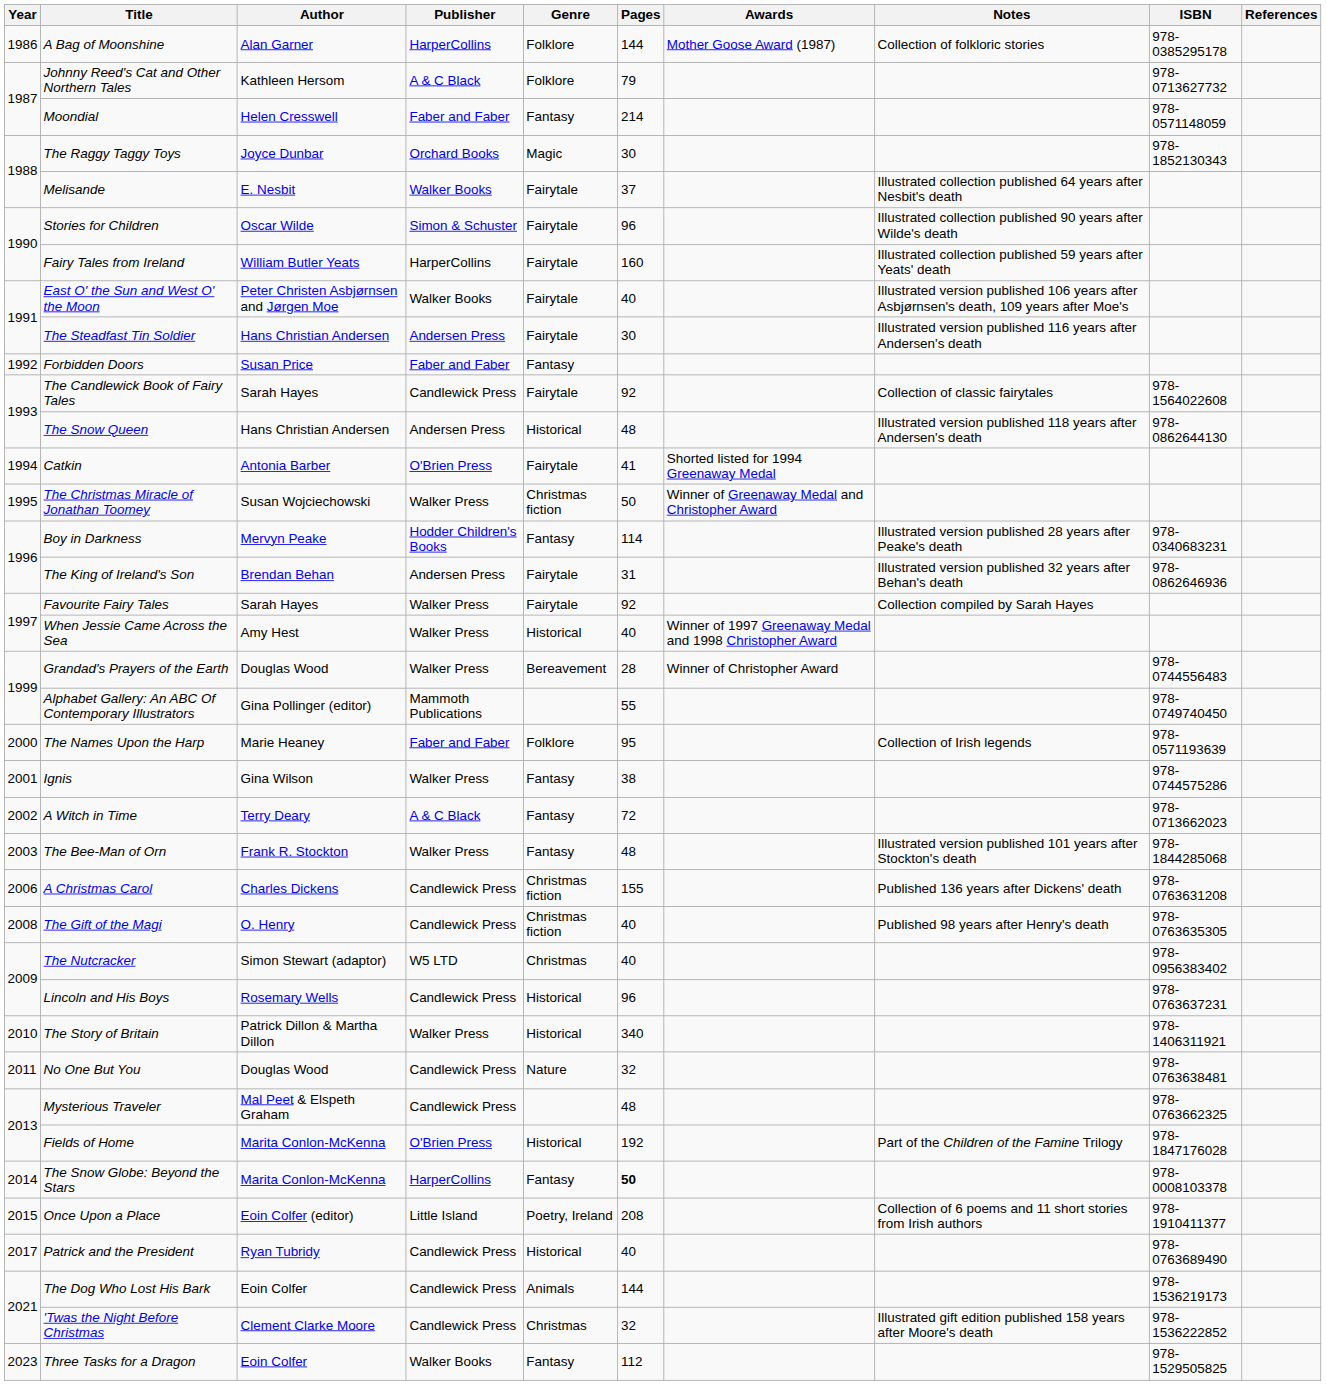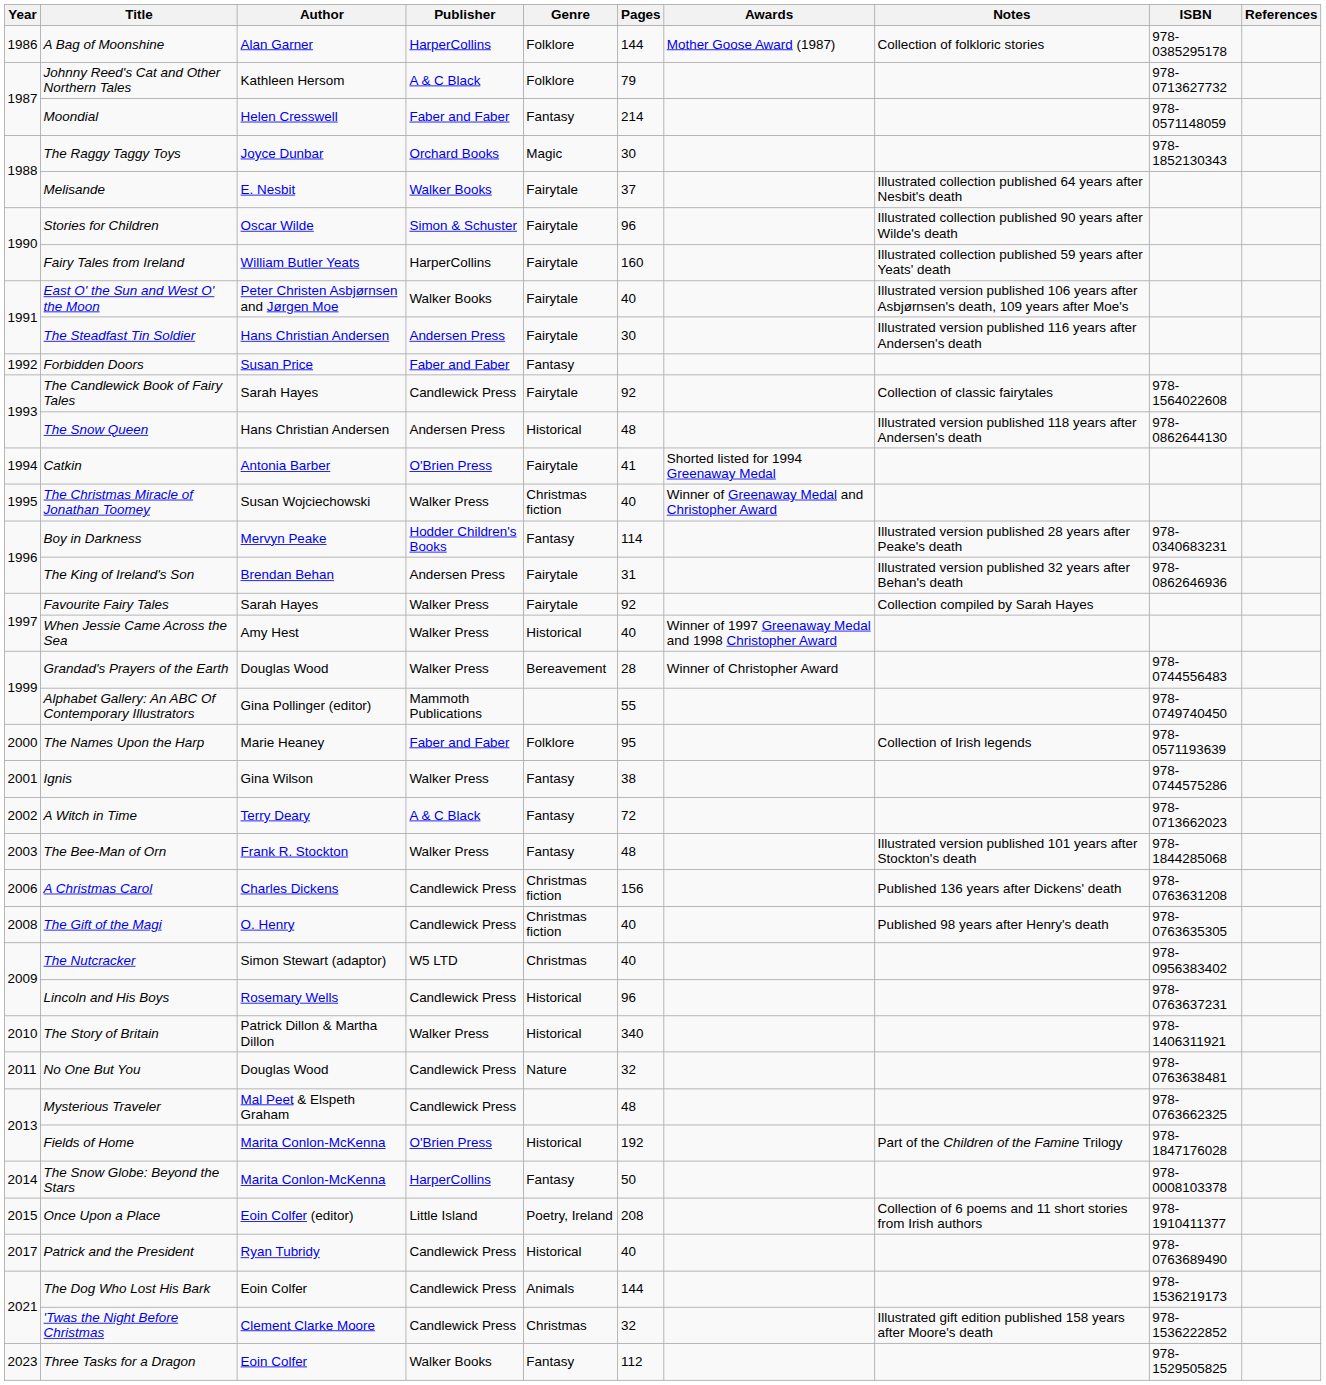 <table class="wikitable unsortable">
 <tr>
 <th>Year</th>
 <th>Title</th>
 <th>Author</th>
 <th>Publisher</th>
 <th>Genre</th>
 <th>Pages</th>
 <th>Awards</th>
 <th>Notes</th>
 <th>ISBN</th>
 <th>References</th>
 </tr>
 <tr>
 <td>1986</td>
 <td><em>A Bag of Moonshine</em></td>
 <td><a href='#'>Alan Garner</a></td>
 <td><a href='#'>HarperCollins</a></td>
 <td>Folklore</td>
 <td>144</td>
 <td><a href='#'>Mother Goose Award</a> (1987)</td>
 <td>Collection of folkloric stories</td>
 <td>978-0385295178</td>
 <td></td>
 </tr>
 <tr>
 <td rowspan="2">1987</td>
 <td><em>Johnny Reed's Cat and Other Northern Tales</em></td>
 <td>Kathleen Hersom</td>
 <td><a href='#'>A & C Black</a></td>
 <td>Folklore</td>
 <td>79</td>
 <td></td>
 <td></td>
 <td>978-0713627732</td>
 <td></td>
 </tr>
 <tr>
 <td><em>Moondial</em></td>
 <td><a href='#'>Helen Cresswell</a></td>
 <td><a href='#'>Faber and Faber</a></td>
 <td>Fantasy</td>
 <td>214</td>
 <td></td>
 <td></td>
 <td>978-0571148059</td>
 <td></td>
 </tr>
 <tr>
 <td rowspan="2">1988</td>
 <td><em>The Raggy Taggy Toys</em></td>
 <td><a href='#'>Joyce Dunbar</a></td>
 <td><a href='#'>Orchard Books</a></td>
 <td>Magic</td>
 <td>30</td>
 <td></td>
 <td></td>
 <td>978-1852130343</td>
 <td></td>
 </tr>
 <tr>
 <td><em>Melisande</em></td>
 <td><a href='#'>E. Nesbit</a></td>
 <td><a href='#'>Walker Books</a></td>
 <td>Fairytale</td>
 <td>37</td>
 <td></td>
 <td>Illustrated collection published 64 years after Nesbit's death</td>
 <td></td>
 <td></td>
 </tr>
 <tr>
 <td rowspan="2">1990</td>
 <td><em>Stories for Children</em></td>
 <td><a href='#'>Oscar Wilde</a></td>
 <td><a href='#'>Simon & Schuster</a></td>
 <td>Fairytale</td>
 <td>96</td>
 <td></td>
 <td>Illustrated collection published 90 years after Wilde's death</td>
 <td></td>
 <td></td>
 </tr>
 <tr>
 <td><em>Fairy Tales from Ireland</em></td>
 <td><a href='#'>William Butler Yeats</a></td>
 <td>HarperCollins</td>
 <td>Fairytale</td>
 <td>160</td>
 <td></td>
 <td>Illustrated collection published 59 years after Yeats' death</td>
 <td></td>
 <td></td>
 </tr>
 <tr>
 <td rowspan="2'">1991</td>
 <td><em><a href='#'>East O' the Sun and West O' the Moon</a></em></td>
 <td><a href='#'>Peter Christen Asbjørnsen</a> and <a href='#'>Jørgen Moe</a></td>
 <td>Walker Books</td>
 <td>Fairytale</td>
 <td>40</td>
 <td></td>
 <td>Illustrated version published 106 years after Asbjørnsen's death, 109 years after Moe's</td>
 <td></td>
 <td></td>
 </tr>
 <tr>
 <td><em><a href='#'>The Steadfast Tin Soldier</a></em></td>
 <td><a href='#'>Hans Christian Andersen</a></td>
 <td><a href='#'>Andersen Press</a></td>
 <td>Fairytale</td>
 <td>30</td>
 <td></td>
 <td>Illustrated version published 116 years after Andersen's death</td>
 <td></td>
 <td></td>
 </tr>
 <tr>
 <td>1992</td>
 <td><em>Forbidden Doors</em></td>
 <td><a href='#'>Susan Price</a></td>
 <td><a href='#'>Faber and Faber</a></td>
 <td>Fantasy</td>
 <td></td>
 <td></td>
 <td></td>
 <td></td>
 <td></td>
 </tr>
 <tr>
 <td rowspan="2">1993</td>
 <td><em>The Candlewick Book of Fairy Tales</em></td>
 <td>Sarah Hayes</td>
 <td>Candlewick Press</td>
 <td>Fairytale</td>
 <td>92</td>
 <td></td>
 <td>Collection of classic fairytales</td>
 <td>978-1564022608</td>
 <td></td>
 </tr>
 <tr>
 <td><em><a href='#'>The Snow Queen</a></em></td>
 <td>Hans Christian Andersen</td>
 <td>Andersen Press</td>
 <td>Historical</td>
 <td>48</td>
 <td></td>
 <td>Illustrated version published 118 years after Andersen's death</td>
 <td>978-0862644130</td>
 <td></td>
 </tr>
 <tr>
 <td>1994</td>
 <td><em>Catkin</em></td>
 <td><a href='#'>Antonia Barber</a></td>
 <td><a href='#'>O'Brien Press</a></td>
 <td>Fairytale</td>
 <td>41</td>
 <td>Shorted listed for 1994 <a href='#'>Greenaway Medal</a></td>
 <td></td>
 <td></td>
 <td></td>
 </tr>
 <tr>
 <td>1995</td>
 <td><em><a href='#'>The Christmas Miracle of Jonathan Toomey</a></em></td>
 <td>Susan Wojciechowski</td>
 <td>Walker Press</td>
 <td>Christmas fiction</td>
-<td>50</td>
+<td>40</td>
 <td>Winner of <a href='#'>Greenaway Medal</a> and <a href='#'>Christopher Award</a></td>
 <td></td>
 <td></td>
 <td></td>
 </tr>
 <tr>
 <td rowspan="2">1996</td>
 <td><em>Boy in Darkness</em></td>
 <td><a href='#'>Mervyn Peake</a></td>
 <td><a href='#'>Hodder Children's Books</a></td>
 <td>Fantasy</td>
 <td>114</td>
 <td></td>
 <td>Illustrated version published 28 years after Peake's death</td>
 <td>978-0340683231</td>
 <td></td>
 </tr>
 <tr>
 <td><em>The King of Ireland's Son</em></td>
 <td><a href='#'>Brendan Behan</a></td>
 <td>Andersen Press</td>
 <td>Fairytale</td>
 <td>31</td>
 <td></td>
 <td>Illustrated version published 32 years after Behan's death</td>
 <td>978-0862646936</td>
 <td></td>
 </tr>
 <tr>
 <td rowspan="2">1997</td>
 <td><em>Favourite Fairy Tales</em></td>
 <td>Sarah Hayes</td>
 <td>Walker Press</td>
 <td>Fairytale</td>
 <td>92</td>
 <td></td>
 <td>Collection compiled by Sarah Hayes</td>
 <td></td>
 <td></td>
 </tr>
 <tr>
 <td><em>When Jessie Came Across the Sea</em></td>
 <td>Amy Hest</td>
 <td>Walker Press</td>
 <td>Historical</td>
 <td>40</td>
 <td>Winner of 1997 <a href='#'>Greenaway Medal</a> and 1998 <a href='#'>Christopher Award</a></td>
 <td></td>
 <td></td>
 <td></td>
 </tr>
 <tr>
 <td rowspan="2">1999</td>
 <td><em>Grandad's Prayers of the Earth</em></td>
 <td>Douglas Wood</td>
 <td>Walker Press</td>
 <td>Bereavement</td>
 <td>28</td>
 <td>Winner of Christopher Award</td>
 <td></td>
 <td>978-0744556483</td>
 <td></td>
 </tr>
 <tr>
 <td><em>Alphabet Gallery: An ABC Of Contemporary Illustrators</em></td>
 <td>Gina Pollinger (editor)</td>
 <td>Mammoth Publications</td>
 <td></td>
 <td>55</td>
 <td></td>
 <td></td>
 <td>978-0749740450</td>
 <td></td>
 </tr>
 <tr>
 <td>2000</td>
 <td><em>The Names Upon the Harp</em></td>
 <td>Marie Heaney</td>
 <td><a href='#'>Faber and Faber</a></td>
 <td>Folklore</td>
 <td>95</td>
 <td></td>
 <td>Collection of Irish legends</td>
 <td>978-0571193639</td>
 <td></td>
 </tr>
 <tr>
 <td>2001</td>
 <td><em>Ignis</em></td>
 <td>Gina Wilson</td>
 <td>Walker Press</td>
 <td>Fantasy</td>
 <td>38</td>
 <td></td>
 <td></td>
 <td>978-0744575286</td>
 <td></td>
 </tr>
 <tr>
 <td>2002</td>
 <td><em>A Witch in Time</em></td>
 <td><a href='#'>Terry Deary</a></td>
 <td><a href='#'>A & C Black</a></td>
 <td>Fantasy</td>
 <td>72</td>
 <td></td>
 <td></td>
 <td>978-0713662023</td>
 <td></td>
 </tr>
 <tr>
 <td>2003</td>
 <td><em>The Bee-Man of Orn</em></td>
 <td><a href='#'>Frank R. Stockton</a></td>
 <td>Walker Press</td>
 <td>Fantasy</td>
 <td>48</td>
 <td></td>
 <td>Illustrated version published 101 years after Stockton's death</td>
 <td>978-1844285068</td>
 <td></td>
 </tr>
 <tr>
 <td>2006</td>
 <td><em><a href='#'>A Christmas Carol</a></em></td>
 <td><a href='#'>Charles Dickens</a></td>
 <td>Candlewick Press</td>
 <td>Christmas fiction</td>
-<td>155</td>
+<td>156</td>
 <td></td>
 <td>Published 136 years after Dickens' death</td>
 <td>978-0763631208</td>
 <td></td>
 </tr>
 <tr>
 <td>2008</td>
 <td><em><a href='#'>The Gift of the Magi</a></em></td>
 <td><a href='#'>O. Henry</a></td>
 <td>Candlewick Press</td>
 <td>Christmas fiction</td>
 <td>40</td>
 <td></td>
 <td>Published 98 years after Henry's death</td>
 <td>978-0763635305</td>
 <td></td>
 </tr>
 <tr>
 <td rowspan="2">2009</td>
 <td><em><a href='#'>The Nutcracker</a></em></td>
 <td>Simon Stewart (adaptor)</td>
 <td>W5 LTD</td>
 <td>Christmas</td>
 <td>40</td>
 <td></td>
 <td></td>
 <td>978-0956383402</td>
 <td></td>
 </tr>
 <tr>
 <td><em>Lincoln and His Boys</em></td>
 <td><a href='#'>Rosemary Wells</a></td>
 <td>Candlewick Press</td>
 <td>Historical</td>
 <td>96</td>
 <td></td>
 <td></td>
 <td>978-0763637231</td>
 <td></td>
 </tr>
 <tr>
 <td>2010</td>
 <td><em>The Story of Britain</em></td>
 <td>Patrick Dillon & Martha Dillon</td>
 <td>Walker Press</td>
 <td>Historical</td>
 <td>340</td>
 <td></td>
 <td></td>
 <td>978-1406311921</td>
 <td></td>
 </tr>
 <tr>
 <td>2011</td>
 <td><em>No One But You</em></td>
 <td>Douglas Wood</td>
 <td>Candlewick Press</td>
 <td>Nature</td>
 <td>32</td>
 <td></td>
 <td></td>
 <td>978-0763638481</td>
 <td></td>
 </tr>
 <tr>
 <td rowspan="2">2013</td>
 <td><em>Mysterious Traveler</em></td>
 <td><a href='#'>Mal Peet</a> & Elspeth Graham</td>
 <td>Candlewick Press</td>
 <td></td>
 <td>48</td>
 <td></td>
 <td></td>
 <td>978-0763662325</td>
 <td></td>
 </tr>
 <tr>
 <td><em>Fields of Home</em></td>
 <td><a href='#'>Marita Conlon-McKenna</a></td>
 <td><a href='#'>O'Brien Press</a></td>
 <td>Historical</td>
 <td>192</td>
 <td></td>
 <td>Part of the <em>Children of the Famine</em> Trilogy</td>
 <td>978-1847176028</td>
 <td></td>
 </tr>
 <tr>
 <td>2014</td>
 <td><em>The Snow Globe: Beyond the Stars</em></td>
 <td><a href='#'>Marita Conlon-McKenna</a></td>
 <td><a href='#'>HarperCollins</a></td>
 <td>Fantasy</td>
-<td><strong>50</strong></td>
+<td>50</td>
 <td></td>
 <td></td>
 <td>978-0008103378</td>
 <td></td>
 </tr>
 <tr>
 <td>2015</td>
 <td><em>Once Upon a Place</em></td>
 <td><a href='#'>Eoin Colfer</a> (editor)</td>
 <td>Little Island</td>
 <td>Poetry, Ireland</td>
 <td>208</td>
 <td></td>
 <td>Collection of 6 poems and 11 short stories from Irish authors</td>
 <td>978-1910411377</td>
 <td></td>
 </tr>
 <tr>
 <td>2017</td>
 <td><em>Patrick and the President</em></td>
 <td><a href='#'>Ryan Tubridy</a></td>
 <td>Candlewick Press</td>
 <td>Historical</td>
 <td>40</td>
 <td></td>
 <td></td>
 <td>978-0763689490</td>
 <td></td>
 </tr>
 <tr>
 <td rowspan="2">2021</td>
 <td><em>The Dog Who Lost His Bark</em></td>
 <td>Eoin Colfer</td>
 <td>Candlewick Press</td>
 <td>Animals</td>
 <td>144</td>
 <td></td>
 <td></td>
 <td>978-1536219173</td>
 <td></td>
 </tr>
 <tr>
 <td><em><a href='#'>'Twas the Night Before Christmas</a></em></td>
 <td><a href='#'>Clement Clarke Moore</a></td>
 <td>Candlewick Press</td>
 <td>Christmas</td>
 <td>32</td>
 <td></td>
 <td>Illustrated gift edition published 158 years after Moore's death</td>
 <td>978-1536222852</td>
 <td></td>
 </tr>
 <tr>
 <td>2023</td>
 <td><em>Three Tasks for a Dragon</em></td>
 <td><a href='#'>Eoin Colfer</a></td>
 <td>Walker Books</td>
 <td>Fantasy</td>
 <td>112</td>
 <td></td>
 <td></td>
 <td>978-1529505825</td>
 <td></td>
 </tr>
 </table>
